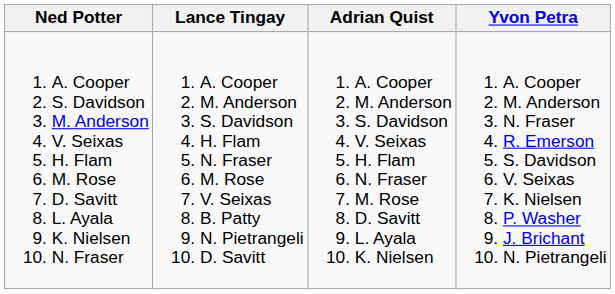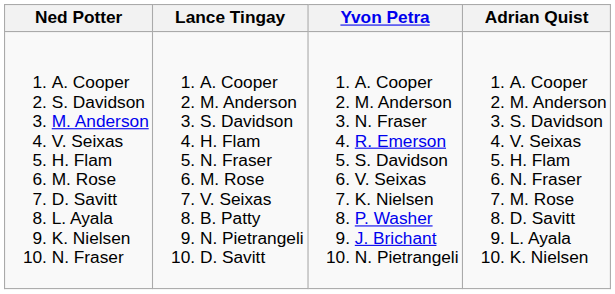 <table class="wikitable">
 <tr>
 <th>Ned Potter</th>
 <th>Lance Tingay<strong></strong></th>
+<th><a href='#'>Yvon Petra</a><em></em></th>
 <th>Adrian Quist</th>
-<th><a href='#'>Yvon Petra</a><em></em></th>
 </tr>
 <tr style="vertical-align: top;">
 <td style="white-space: nowrap;"><br><ol><li> A. Cooper</li><li> S. Davidson</li><li> <a href='#'>M. Anderson</a></li><li> V. Seixas</li><li> H. Flam</li><li> M. Rose</li><li> D. Savitt</li><li> L. Ayala</li><li> K. Nielsen</li><li> N. Fraser</li></ol></td>
 <td style="white-space: nowrap;"><br><ol><li> A. Cooper</li><li> M. Anderson</li><li> S. Davidson</li><li> H. Flam</li><li> N. Fraser</li><li> M. Rose</li><li> V. Seixas</li><li> B. Patty</li><li> N. Pietrangeli</li><li> D. Savitt</li></ol></td>
+<td style="white-space: nowrap;"><br><ol><li> A. Cooper</li><li> M. Anderson</li><li> N. Fraser</li><li> <a href='#'>R. Emerson</a></li><li> S. Davidson</li><li> V. Seixas</li><li> K. Nielsen</li><li> <a href='#'>P. Washer</a></li><li> <a href='#'>J. Brichant</a></li><li> N. Pietrangeli</li></ol></td>
 <td style="white-space: nowrap;"><br><ol><li> A. Cooper</li><li> M. Anderson</li><li> S. Davidson</li><li> V. Seixas</li><li> H. Flam</li><li> N. Fraser</li><li> M. Rose</li><li> D. Savitt</li><li> L. Ayala</li><li> K. Nielsen</li></ol></td>
-<td style="white-space: nowrap;"><br><ol><li> A. Cooper</li><li> M. Anderson</li><li> N. Fraser</li><li> <a href='#'>R. Emerson</a></li><li> S. Davidson</li><li> V. Seixas</li><li> K. Nielsen</li><li> <a href='#'>P. Washer</a></li><li> <a href='#'>J. Brichant</a></li><li> N. Pietrangeli</li></ol></td>
 </tr>
 </table>
